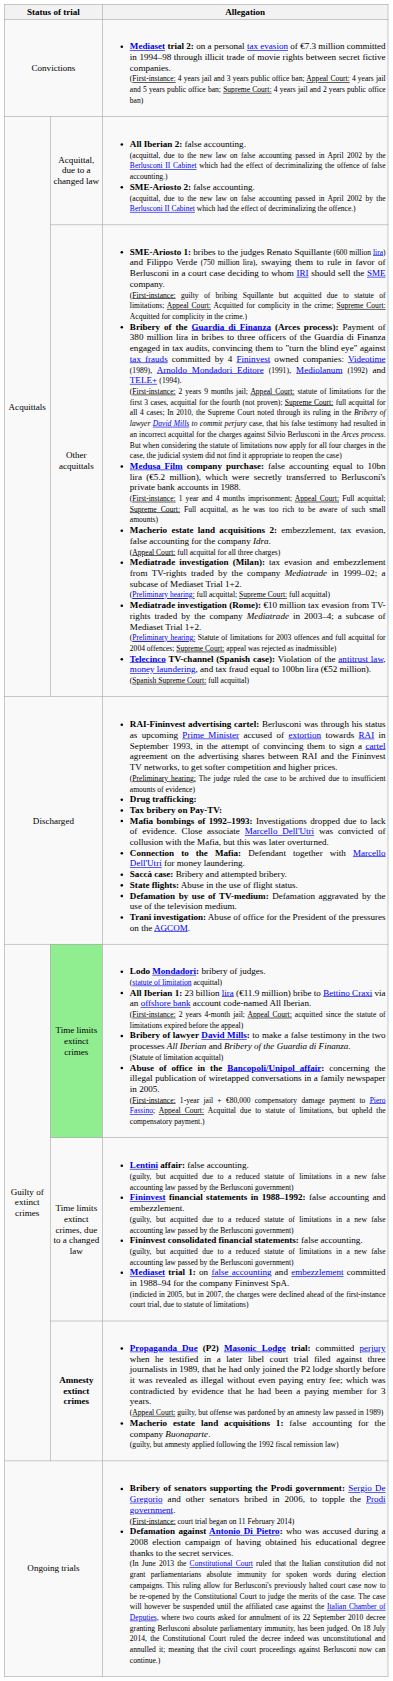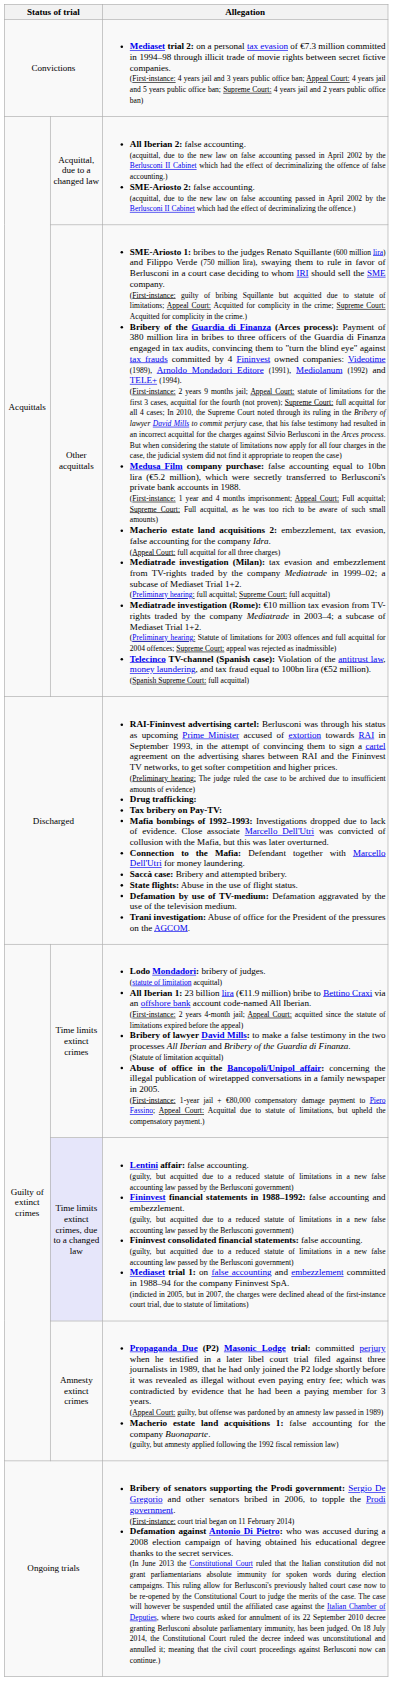 <table class="wikitable" style="font-size:90%; clear:left;">
 <tr>
 <th scope="col" colspan="2">Status of trial</th>
 <th scope="col">Allegation</th>
 </tr>
 <tr>
 <td scope="row" colspan="2" style="text-align:center;">Convictions</td>
 <td style="text-align:justify"><br><ul><li><strong><a href='#'>Mediaset</a> trial 2:</strong> on a personal <a href='#'>tax evasion</a> of €7.3 million committed in 1994–98 through illicit trade of movie rights between secret fictive companies.<br><small>(<u>First-instance:</u> 4 years jail and 3 years public office ban; <u>Appeal Court:</u> 4 years jail and 5 years public office ban; <u>Supreme Court:</u> 4 years jail and 2 years public office ban)</small></li></ul></td>
 </tr>
 <tr>
 <td rowspan="2" style="text-align:center;">Acquittals</td>
 <td align="center">Acquittal, due to a changed law</td>
 <td style="text-align:justify"><br><ul><li><strong>All Iberian 2:</strong> false accounting.<br><small>(acquittal, due to the new law on false accounting passed in April 2002 by the <a href='#'>Berlusconi II Cabinet</a> which had the effect of decriminalizing the offence of false accounting.)</small></li><li><strong>SME-Ariosto 2:</strong> false accounting.<br><small>(acquittal, due to the new law on false accounting passed in April 2002 by the <a href='#'>Berlusconi II Cabinet</a> which had the effect of decriminalizing the offence.)</small></li></ul></td>
 </tr>
 <tr>
 <td align="center">Other acquittals</td>
 <td style="text-align:justify"><br><ul><li><strong>SME-Ariosto 1:</strong> bribes to the judges Renato Squillante <small>(600 million <a href='#'>lira</a>)</small> and Filippo Verde <small>(750 million lira)</small>, swaying them to rule in favor of Berlusconi in a court case deciding to whom <a href='#'>IRI</a> should sell the <a href='#'>SME</a> company.<br><small>(<u>First-instance:</u> guilty of bribing Squillante but acquitted due to statute of limitations; <u>Appeal Court:</u> Acquitted for complicity in the crime; <u>Supreme Court:</u> Acquitted for complicity in the crime.)</small></li><li><strong>Bribery of the <a href='#'>Guardia di Finanza</a> (Arces process):</strong> Payment of 380 million lira in bribes to three officers of the Guardia di Finanza engaged in tax audits, convincing them to "turn the blind eye" against <a href='#'>tax frauds</a> committed by 4 <a href='#'>Fininvest</a> owned companies: <a href='#'>Videotime</a> <small>(1989)</small>, <a href='#'>Arnoldo Mondadori Editore</a> <small>(1991)</small>, <a href='#'>Mediolanum</a> <small>(1992)</small> and <a href='#'>TELE+</a> <small>(1994)</small>.<br><small>(<u>First-instance:</u> 2 years 9 months jail; <u>Appeal Court:</u> statute of limitations for the first 3 cases, acquittal for the fourth (not proven); <u>Supreme Court:</u> full acquittal for all 4 cases; In 2010, the Supreme Court noted through its ruling in the <em>Bribery of lawyer <a href='#'>David Mills</a> to commit perjury</em> case, that his false testimony had resulted in an incorrect acquittal for the charges against Silvio Berlusconi in the <em>Arces process</em>. But when considering the statute of limitations now apply for all four charges in the case, the judicial system did not find it appropriate to reopen the case)</small></li><li><strong><a href='#'>Medusa Film</a> company purchase:</strong> false accounting equal to 10bn lira (€5.2 million), which were secretly transferred to Berlusconi's private bank accounts in 1988.<br><small>(<u>First-instance:</u> 1 year and 4 months imprisonment; <u>Appeal Court:</u> Full acquittal; <u>Supreme Court:</u> Full acquittal, as he was too rich to be aware of such small amounts)</small></li><li><strong>Macherio estate land acquisitions 2:</strong> embezzlement, tax evasion, false accounting for the company <em>Idra</em>.<br><small>(<u>Appeal Court:</u> full acquittal for all three charges)</small></li><li><strong>Mediatrade investigation (Milan):</strong> tax evasion and embezzlement from TV-rights traded by the company <em>Mediatrade</em> in 1999–02; a subcase of Mediaset Trial 1+2.<br><small>(<u><a href='#'>Preliminary hearing</a>:</u> full acquittal; <u>Supreme Court:</u> full acquittal)</small></li><li><strong>Mediatrade investigation (Rome):</strong> €10 million tax evasion from TV-rights traded by the company <em>Mediatrade</em> in 2003–4; a subcase of Mediaset Trial 1+2.<br><small>(<u><a href='#'>Preliminary hearing</a>:</u> Statute of limitations for 2003 offences and full acquittal for 2004 offences; <u>Supreme Court:</u> appeal was rejected as inadmissible)</small></li><li><strong><a href='#'>Telecinco</a> TV-channel (Spanish case):</strong> Violation of the <a href='#'>antitrust law</a>, <a href='#'>money laundering</a>, and tax fraud equal to 100bn lira (€52 million).<br><small>(<u>Spanish Supreme Court:</u> full acquittal)</small></li></ul></td>
 </tr>
 <tr>
 <td scope="row" colspan="2" style="text-align:center;">Discharged</td>
 <td style="text-align:justify"><br><ul><li><strong>RAI-Fininvest advertising cartel:</strong> Berlusconi was through his status as upcoming <a href='#'>Prime Minister</a> accused of <a href='#'>extortion</a> towards <a href='#'>RAI</a> in September 1993, in the attempt of convincing them to sign a <a href='#'>cartel</a> agreement on the advertising shares between RAI and the Fininvest TV networks, to get softer competition and higher prices.<br><small>(<u>Preliminary hearing:</u> The judge ruled the case to be archived due to insufficient amounts of evidence)</small></li><li><strong>Drug trafficking:</strong></li><li><strong>Tax bribery on Pay-TV:</strong></li><li><strong>Mafia bombings of 1992–1993:</strong> Investigations dropped due to lack of evidence. Close associate <a href='#'>Marcello Dell'Utri</a> was convicted of collusion with the Mafia, but this was later overturned.</li><li><strong>Connection to the Mafia:</strong> Defendant together with <a href='#'>Marcello Dell'Utri</a> for money laundering.</li><li><strong>Saccà case:</strong> Bribery and attempted bribery.</li><li><strong>State flights:</strong> Abuse in the use of flight status.</li><li><strong>Defamation by use of TV-medium:</strong> Defamation aggravated by the use of the television medium.</li><li><strong>Trani investigation:</strong> Abuse of office for the President of the pressures on the <a href='#'>AGCOM</a>.</li></ul></td>
 </tr>
 <tr>
 <td scope="row" rowspan="3" style="text-align:center;">Guilty of extinct crimes</td>
-<td align="center" style="background: lightgreen;">Time limits extinct crimes</td>
+<td align="center">Time limits extinct crimes</td>
 <td style="text-align:justify"><br><ul><li><strong>Lodo <a href='#'>Mondadori</a>:</strong> bribery of judges.<br><small>(<a href='#'>statute of limitation</a> acquittal)</small></li><li><strong>All Iberian 1:</strong> 23 billion <a href='#'>lira</a> (€11.9 million) bribe to <a href='#'>Bettino Craxi</a> via an <a href='#'>offshore bank</a> account code-named All Iberian.<br><small>(<u>First-instance:</u> 2 years 4-month jail; <u>Appeal Court:</u> acquitted since the statute of limitations expired before the appeal)</small></li><li><strong>Bribery of lawyer <a href='#'>David Mills</a>:</strong> to make a false testimony in the two processes <em>All Iberian</em> and <em>Bribery of the Guardia di Finanza</em>.<br><small>(Statute of limitation acquittal)</small></li><li><strong>Abuse of office in the <a href='#'>Bancopoli/Unipol affair</a>:</strong> concerning the illegal publication of wiretapped conversations in a family newspaper in 2005.<br><small>(<u>First-instance:</u> 1-year jail + €80,000 compensatory damage payment to <a href='#'>Piero Fassino</a>; <u>Appeal Court:</u> Acquittal due to statute of limitations, but upheld the compensatory payment.)</small></li></ul></td>
 </tr>
 <tr>
-<td align="center">Time limits extinct crimes, due to a changed law</td>
+<td align="center" style="background: lavender;">Time limits extinct crimes, due to a changed law</td>
 <td style="text-align:justify"><br><ul><li><strong><a href='#'>Lentini</a> affair:</strong> false accounting.<br><small>(guilty, but acquitted due to a reduced statute of limitations in a new false accounting law passed by the Berlusconi government)</small></li><li><strong><a href='#'>Fininvest</a> financial statements in 1988–1992:</strong> false accounting and embezzlement.<br><small>(guilty, but acquitted due to a reduced statute of limitations in a new false accounting law passed by the Berlusconi government)</small></li><li><strong>Fininvest consolidated financial statements:</strong> false accounting.<br><small>(guilty, but acquitted due to a reduced statute of limitations in a new false accounting law passed by the Berlusconi government)</small></li><li><strong><a href='#'>Mediaset</a> trial 1:</strong> on <a href='#'>false accounting</a> and <a href='#'>embezzlement</a> committed in 1988–94 for the company Fininvest SpA.<br><small>(indicted in 2005, but in 2007, the charges were declined ahead of the first-instance court trial, due to statute of limitations)</small></li></ul></td>
 </tr>
 <tr>
-<td align="center"><strong>Amnesty extinct crimes</strong></td>
+<td align="center">Amnesty extinct crimes</td>
 <td style="text-align:justify"><br><ul><li><strong><a href='#'>Propaganda Due</a> (P2) <a href='#'>Masonic Lodge</a> trial:</strong> committed <a href='#'>perjury</a> when he testified in a later libel court trial filed against three journalists in 1989, that he had only joined the P2 lodge shortly before it was revealed as illegal without even paying entry fee; which was contradicted by evidence that he had been a paying member for 3 years.<br><small>(<u>Appeal Court:</u> guilty, but offense was pardoned by an amnesty law passed in 1989)</small></li><li><strong>Macherio estate land acquisitions 1:</strong> false accounting for the company <em>Buonaparte</em>.<br><small>(guilty, but amnesty applied following the 1992 fiscal remission law)</small></li></ul></td>
 </tr>
 <tr>
 <td scope="row" colspan="2" style="text-align:center;">Ongoing trials</td>
 <td style="text-align:justify"><br><ul><li><strong>Bribery of senators supporting the Prodi government:</strong> <a href='#'>Sergio De Gregorio</a> and other senators bribed in 2006, to topple the <a href='#'>Prodi government</a>.<br><small>(<u>First-instance:</u> court trial began on 11 February 2014)</small></li><li><strong>Defamation against <a href='#'>Antonio Di Pietro</a>:</strong> who was accused during a 2008 election campaign of having obtained his educational degree thanks to the secret services.<br><small>(In June 2013 the <a href='#'>Constitutional Court</a> ruled that the Italian constitution did not grant parliamentarians absolute immunity for spoken words during election campaigns. This ruling allow for Berlusconi's previously halted court case now to be re-opened by the Constitutional Court to judge the merits of the case. The case will however be suspended until the affiliated case against the <a href='#'>Italian Chamber of Deputies</a>, where two courts asked for annulment of its 22 September 2010 decree granting Berlusconi absolute parliamentary immunity, has been judged. On 18 July 2014, the Constitutional Court ruled the decree indeed was unconstitutional and annulled it; meaning that the civil court proceedings against Berlusconi now can continue.)</small> </li></ul></td>
 </tr>
 </table>
